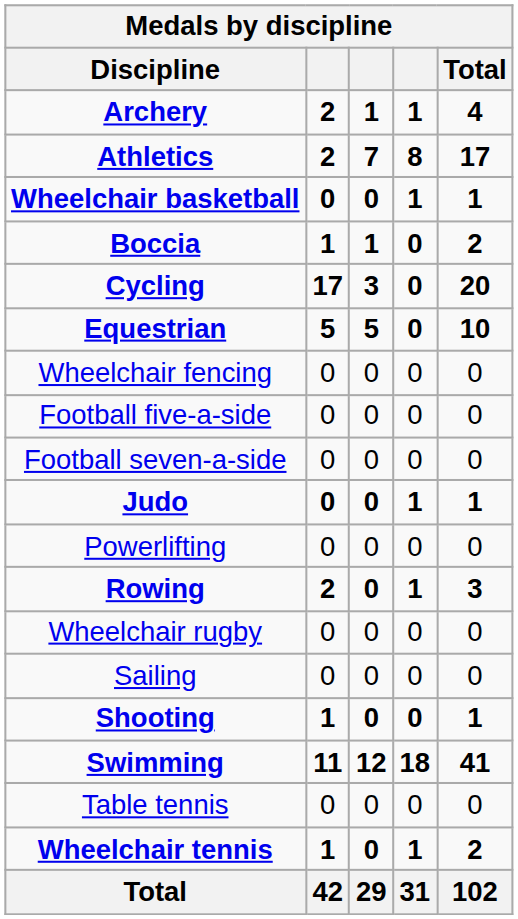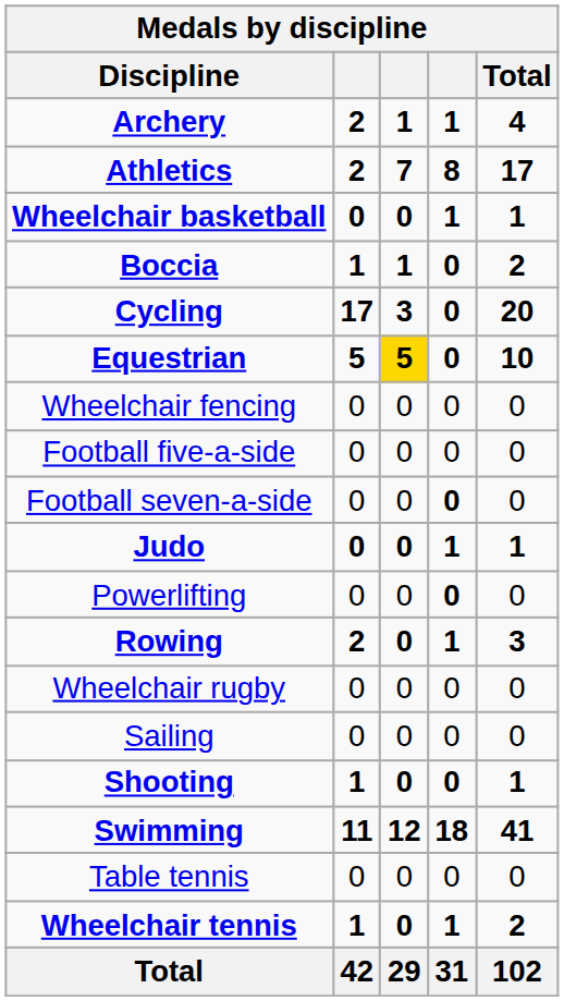 <table class="wikitable" style="font-size:85%" align="right">
 <tr bgcolor="#efefef">
 <th colspan=6>Medals by discipline</th>
 </tr>
 <tr style="text-align:center;">
 <th>Discipline</th>
 <th></th>
 <th></th>
 <th></th>
 <th>Total</th>
 </tr>
 <tr style="text-align:center; font-weight:bold;">
 <td><a href='#'>Archery</a></td>
 <td>2</td>
 <td>1</td>
 <td>1</td>
 <td>4</td>
 </tr>
 <tr style="text-align:center; font-weight:bold;">
 <td><a href='#'>Athletics</a></td>
 <td>2</td>
 <td>7</td>
 <td>8</td>
 <td>17</td>
 </tr>
 <tr style="text-align:center; font-weight:bold;">
 <td><a href='#'>Wheelchair basketball</a></td>
 <td>0</td>
 <td>0</td>
 <td>1</td>
 <td>1</td>
 </tr>
 <tr style="text-align:center; font-weight:bold;">
 <td><a href='#'>Boccia</a></td>
 <td>1</td>
 <td>1</td>
 <td>0</td>
 <td>2</td>
 </tr>
 <tr style="text-align:center; font-weight:bold;">
 <td><a href='#'>Cycling</a></td>
 <td>17</td>
 <td>3</td>
 <td>0</td>
 <td>20</td>
 </tr>
 <tr style="text-align:center; font-weight:bold;">
 <td><a href='#'>Equestrian</a></td>
 <td>5</td>
-<td>5</td>
+<td style="background: gold;">5</td>
 <td>0</td>
 <td>10</td>
 </tr>
 <tr style="text-align:center; ">
 <td><a href='#'>Wheelchair fencing</a></td>
 <td>0</td>
 <td>0</td>
 <td>0</td>
 <td>0</td>
 </tr>
 <tr style="text-align:center;">
 <td><a href='#'>Football five-a-side</a></td>
 <td>0</td>
 <td>0</td>
 <td>0</td>
 <td>0</td>
 </tr>
 <tr style="text-align:center;">
 <td><a href='#'>Football seven-a-side</a></td>
 <td>0</td>
 <td>0</td>
-<td>0</td>
+<td><strong>0</strong></td>
 <td>0</td>
 </tr>
 <tr style="text-align:center; font-weight:bold;">
 <td><a href='#'>Judo</a></td>
 <td>0</td>
 <td>0</td>
 <td>1</td>
 <td>1</td>
 </tr>
 <tr style="text-align:center;">
 <td><a href='#'>Powerlifting</a></td>
 <td>0</td>
 <td>0</td>
-<td>0</td>
+<td><strong>0</strong></td>
 <td>0</td>
 </tr>
 <tr style="text-align:center; font-weight:bold;">
 <td><a href='#'>Rowing</a></td>
 <td>2</td>
 <td>0</td>
 <td>1</td>
 <td>3</td>
 </tr>
 <tr style="text-align:center;">
 <td><a href='#'>Wheelchair rugby</a></td>
 <td>0</td>
 <td>0</td>
 <td>0</td>
 <td>0</td>
 </tr>
 <tr style="text-align:center;">
 <td><a href='#'>Sailing</a></td>
 <td>0</td>
 <td>0</td>
 <td>0</td>
 <td>0</td>
 </tr>
 <tr style="text-align:center; font-weight:bold;">
 <td><a href='#'>Shooting</a></td>
 <td>1</td>
 <td>0</td>
 <td>0</td>
 <td>1</td>
 </tr>
 <tr style="text-align:center; font-weight:bold;">
 <td><a href='#'>Swimming</a></td>
 <td>11</td>
 <td>12</td>
 <td>18</td>
 <td>41</td>
 </tr>
 <tr style="text-align:center;">
 <td><a href='#'>Table tennis</a></td>
 <td>0</td>
 <td>0</td>
 <td>0</td>
 <td>0</td>
 </tr>
 <tr style="text-align:center; font-weight:bold;">
 <td><a href='#'>Wheelchair tennis</a></td>
 <td>1</td>
 <td>0</td>
 <td>1</td>
 <td>2</td>
 </tr>
 <tr style="text-align:center;">
 <th>Total</th>
 <th>42</th>
 <th>29</th>
 <th>31</th>
 <th>102</th>
 </tr>
 </table>
